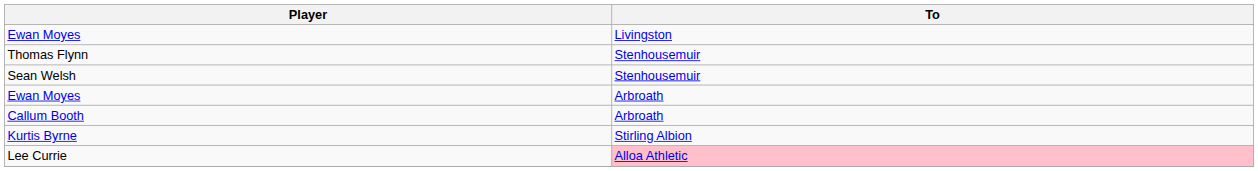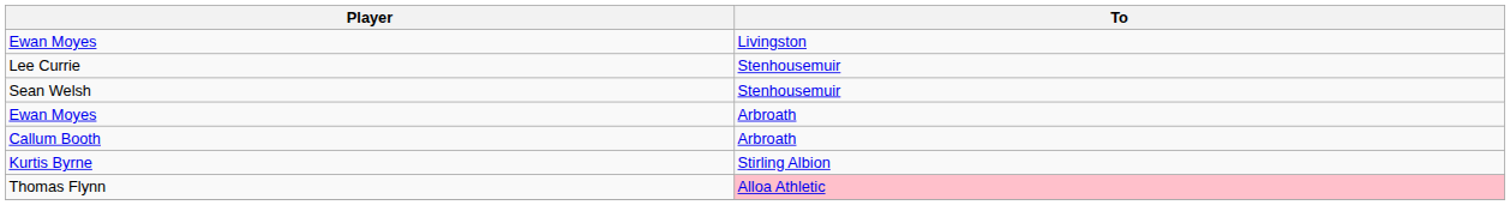 <table class="wikitable" style="text-align:center; font-size:95%;width:75%; text-align:left">
 <tr>
 <th><strong>Player</strong></th>
 <th><strong>To</strong></th>
 </tr>
 <tr>
 <td> <a href='#'>Ewan Moyes</a></td>
 <td><a href='#'>Livingston</a></td>
 </tr>
 <tr>
-<td> Thomas Flynn</td>
+<td> Lee Currie</td>
 <td><a href='#'>Stenhousemuir</a></td>
 </tr>
 <tr>
 <td> Sean Welsh</td>
 <td><a href='#'>Stenhousemuir</a></td>
 </tr>
 <tr>
 <td> <a href='#'>Ewan Moyes</a></td>
 <td><a href='#'>Arbroath</a></td>
 </tr>
 <tr>
 <td> <a href='#'>Callum Booth</a></td>
 <td><a href='#'>Arbroath</a></td>
 </tr>
 <tr>
 <td> <a href='#'>Kurtis Byrne</a></td>
 <td><a href='#'>Stirling Albion</a></td>
 </tr>
 <tr>
-<td> Lee Currie</td>
+<td> Thomas Flynn</td>
 <td style="background: pink;"><a href='#'>Alloa Athletic</a></td>
 </tr>
 <tr>
 </tr>
 </table>
